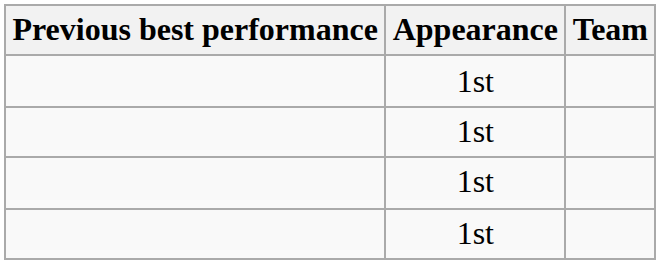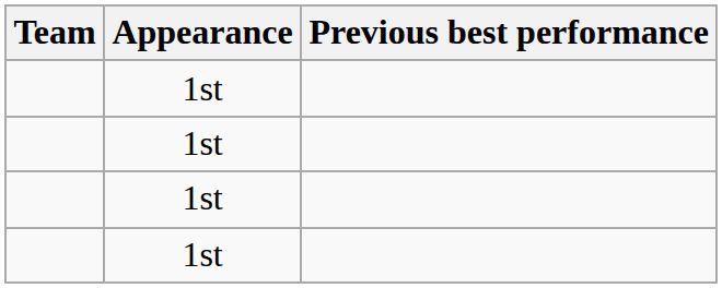 <table class="wikitable sortable">
 <tr>
+<th>Team</th>
+<th data-sort-type="number">Appearance</th>
 <th>Previous best performance</th>
-<th data-sort-type="number">Appearance</th>
-<th>Team</th>
 </tr>
 <tr>
 <td></td>
 <td style="text-align:center">1st</td>
 <td></td>
 </tr>
 <tr>
 <td></td>
 <td style="text-align:center">1st</td>
 <td></td>
 </tr>
 <tr>
 <td></td>
 <td style="text-align:center">1st</td>
 <td></td>
 </tr>
 <tr>
 <td></td>
 <td style="text-align:center">1st</td>
 <td></td>
 </tr>
 </table>
